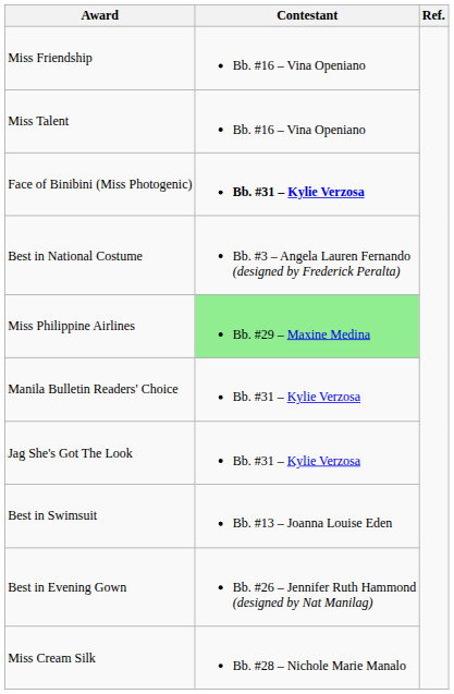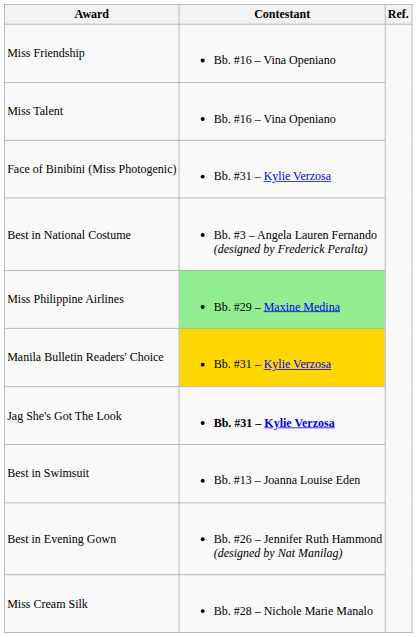 <table class="wikitable sortable" style="font-size: 95%;">
 <tr>
 <th>Award</th>
 <th>Contestant</th>
 <th>Ref.</th>
 </tr>
 <tr>
 <td>Miss Friendship</td>
 <td><br><ul><li>Bb. #16 – Vina Openiano</li></ul></td>
 <td rowspan="10"></td>
 </tr>
 <tr>
 <td>Miss Talent</td>
 <td><br><ul><li>Bb. #16 – Vina Openiano</li></ul></td>
 </tr>
 <tr>
 <td>Face of Binibini (Miss Photogenic)</td>
-<td><strong><br><ul><li>Bb. #31 – <a href='#'>Kylie Verzosa</a></li></ul></strong></td>
+<td><br><ul><li>Bb. #31 – <a href='#'>Kylie Verzosa</a></li></ul></td>
 </tr>
 <tr>
 <td>Best in National Costume</td>
 <td><br><ul><li>Bb. #3 – Angela Lauren Fernando<br><em>(designed by Frederick Peralta)</em></li></ul></td>
 </tr>
 <tr>
 <td>Miss Philippine Airlines</td>
 <td style="background: lightgreen;"><br><ul><li>Bb. #29 – <a href='#'>Maxine Medina</a></li></ul></td>
 </tr>
 <tr>
 <td>Manila Bulletin Readers' Choice</td>
-<td><br><ul><li>Bb. #31 – <a href='#'>Kylie Verzosa</a></li></ul></td>
+<td style="background: gold;"><br><ul><li>Bb. #31 – <a href='#'>Kylie Verzosa</a></li></ul></td>
 </tr>
 <tr>
 <td>Jag She's Got The Look</td>
-<td><br><ul><li>Bb. #31 – <a href='#'>Kylie Verzosa</a></li></ul></td>
+<td><strong><br><ul><li>Bb. #31 – <a href='#'>Kylie Verzosa</a></li></ul></strong></td>
 </tr>
 <tr>
 <td>Best in Swimsuit</td>
 <td><br><ul><li>Bb. #13 – Joanna Louise Eden</li></ul></td>
 </tr>
 <tr>
 <td>Best in Evening Gown</td>
 <td><br><ul><li>Bb. #26 – Jennifer Ruth Hammond<br><em>(designed by Nat Manilag)</em></li></ul></td>
 </tr>
 <tr>
 <td>Miss Cream Silk</td>
 <td><br><ul><li>Bb. #28 – Nichole Marie Manalo</li></ul></td>
 </tr>
 </table>
